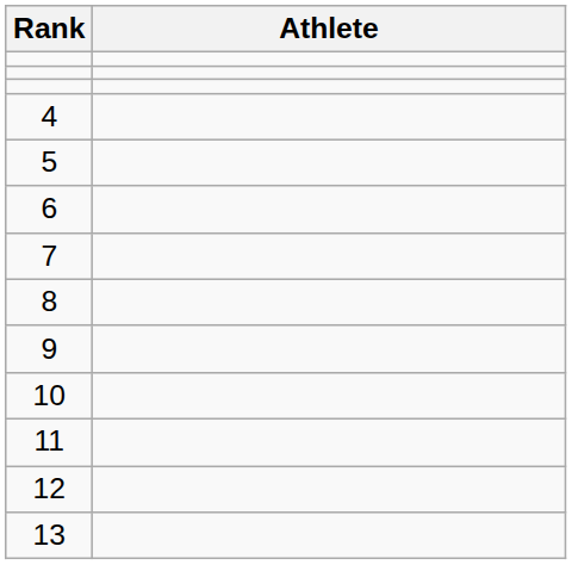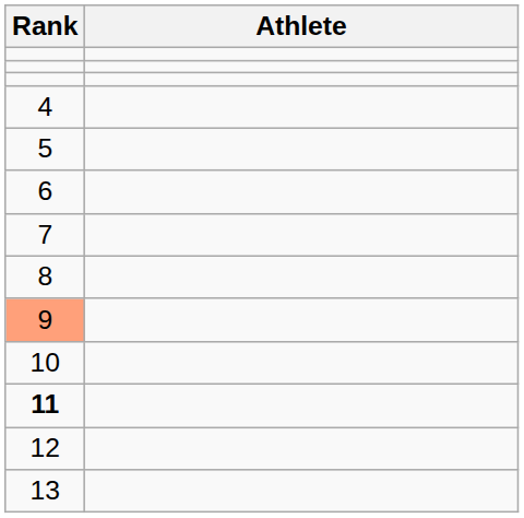 <table class="wikitable" style="text-align: center;">
 <tr>
 <th width=40>Rank</th>
 <th width=250>Athlete</th>
 </tr>
 <tr>
 <td></td>
 <td align="left"></td>
 </tr>
 <tr>
 <td></td>
 <td align="left"></td>
 </tr>
 <tr>
 <td></td>
 <td align="left"></td>
 </tr>
 <tr>
 <td>4</td>
 <td align="left"></td>
 </tr>
 <tr>
 <td>5</td>
 <td align="left"></td>
 </tr>
 <tr>
 <td>6</td>
 <td align="left"></td>
 </tr>
 <tr>
 <td>7</td>
 <td align="left"></td>
 </tr>
 <tr>
 <td>8</td>
 <td align="left"></td>
 </tr>
 <tr>
-<td>9</td>
+<td style="background: lightsalmon;">9</td>
 <td align="left"></td>
 </tr>
 <tr>
 <td>10</td>
 <td align="left"></td>
 </tr>
 <tr>
-<td>11</td>
+<td><strong>11</strong></td>
 <td align="left"></td>
 </tr>
 <tr>
 <td>12</td>
 <td align="left"></td>
 </tr>
 <tr>
 <td>13</td>
 <td align="left"></td>
 </tr>
 </table>
